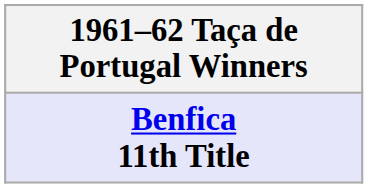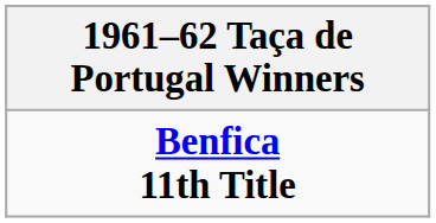 <table class="wikitable" style="text-align: center; margin: 0 auto; width: 20%">
 <tr>
 <th>1961–62 Taça de Portugal Winners</th>
 </tr>
 <tr>
-<td style="background: lavender;"><strong><a href='#'>Benfica</a></strong><br><strong>11th Title</strong></td>
+<td><strong><a href='#'>Benfica</a></strong><br><strong>11th Title</strong></td>
 </tr>
 </table>
